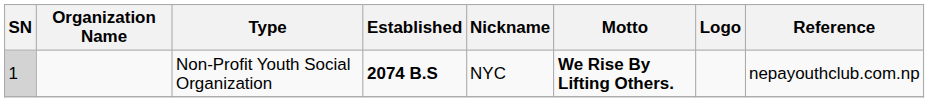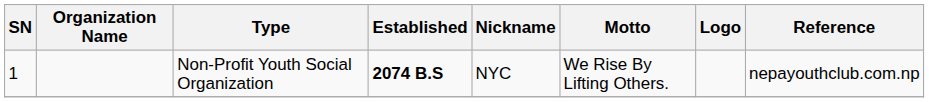 <table class="wikitable">
 <tr>
 <th>SN</th>
 <th>Organization Name</th>
 <th>Type</th>
 <th>Established</th>
 <th>Nickname</th>
 <th>Motto</th>
 <th>Logo</th>
 <th>Reference</th>
 </tr>
 <tr>
-<td style="background: lightgrey;">1</td>
+<td>1</td>
 <td></td>
 <td>Non-Profit Youth Social Organization</td>
 <td><strong>2074 B.S</strong></td>
 <td>NYC</td>
-<td><strong>We Rise By Lifting Others.</strong></td>
+<td>We Rise By Lifting Others.</td>
 <td></td>
 <td>nepayouthclub.com.np</td>
 </tr>
 <tr>
 </tr>
 <tr>
 </tr>
 </table>
